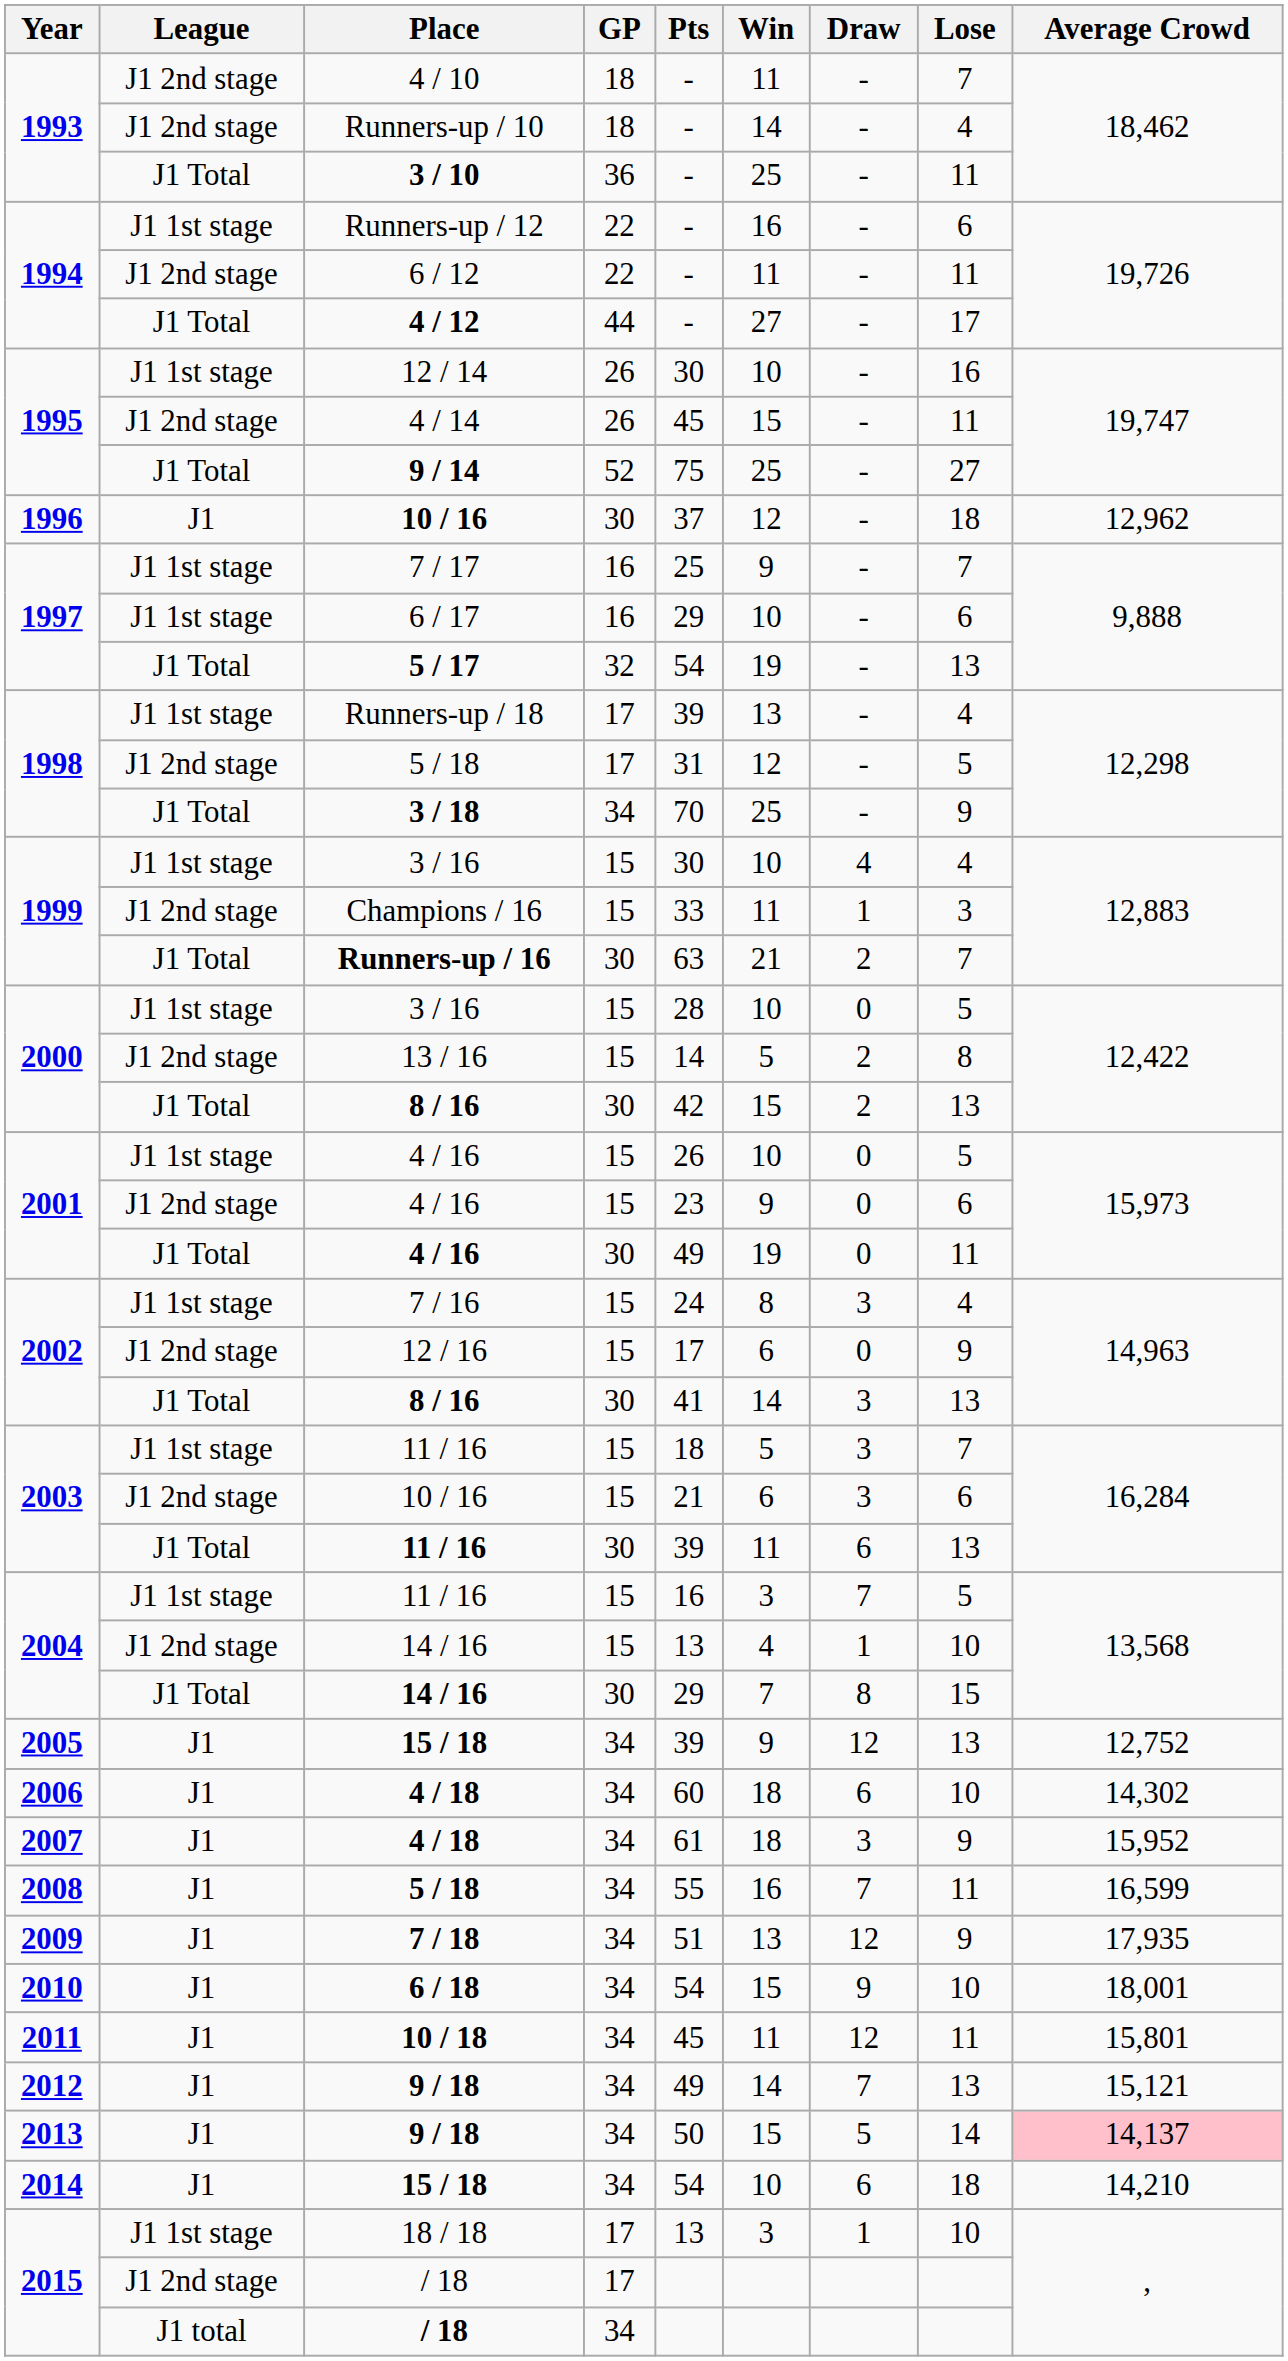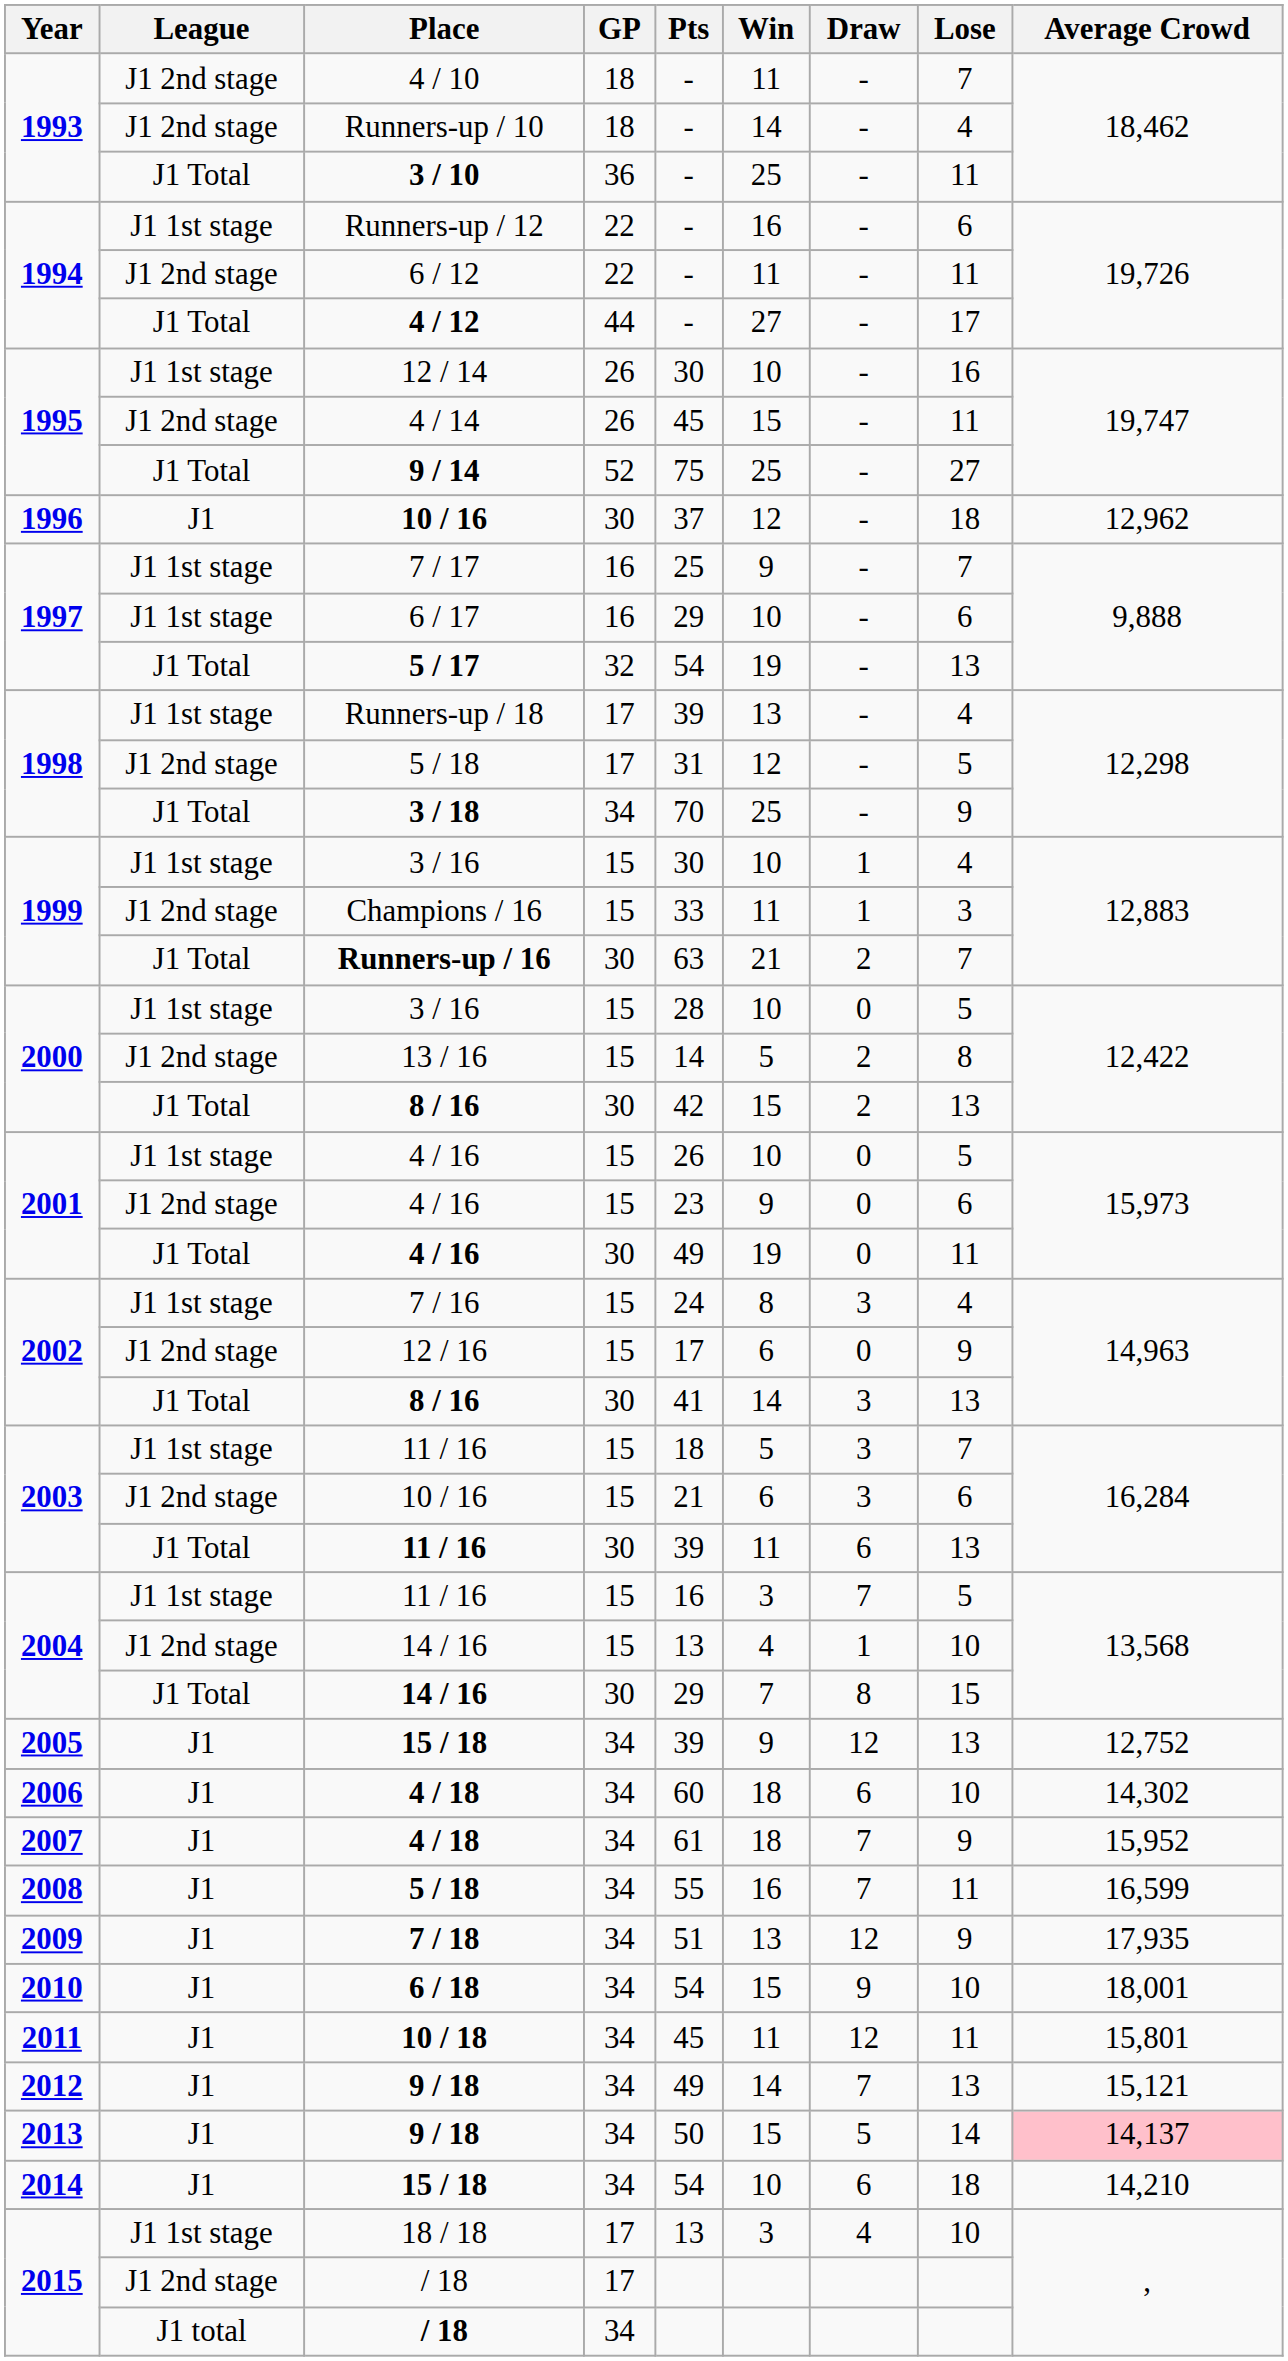 <table class="wikitable sortable" style="width:75%; align:center; text-align:center">
 <tr>
 <th>Year</th>
 <th>League</th>
 <th>Place</th>
 <th>GP</th>
 <th>Pts</th>
 <th>Win</th>
 <th>Draw</th>
 <th>Lose</th>
 <th>Average Crowd</th>
 </tr>
 <tr>
 <td rowspan="3"><strong><a href='#'>1993</a></strong></td>
 <td>J1 2nd stage</td>
 <td>4 / 10</td>
 <td>18</td>
 <td>-</td>
 <td>11</td>
 <td>-</td>
 <td>7</td>
 <td rowspan="3">18,462</td>
 </tr>
 <tr>
 <td>J1 2nd stage</td>
 <td>Runners-up / 10</td>
 <td>18</td>
 <td>-</td>
 <td>14</td>
 <td>-</td>
 <td>4</td>
 </tr>
 <tr>
 <td>J1 Total</td>
 <td><strong>3 / 10</strong></td>
 <td>36</td>
 <td>-</td>
 <td>25</td>
 <td>-</td>
 <td>11</td>
 </tr>
 <tr>
 <td rowspan="3"><strong><a href='#'>1994</a></strong></td>
 <td>J1 1st stage</td>
 <td>Runners-up / 12</td>
 <td>22</td>
 <td>-</td>
 <td>16</td>
 <td>-</td>
 <td>6</td>
 <td rowspan="3">19,726</td>
 </tr>
 <tr>
 <td>J1 2nd stage</td>
 <td>6 / 12</td>
 <td>22</td>
 <td>-</td>
 <td>11</td>
 <td>-</td>
 <td>11</td>
 </tr>
 <tr>
 <td>J1 Total</td>
 <td><strong>4 / 12</strong></td>
 <td>44</td>
 <td>-</td>
 <td>27</td>
 <td>-</td>
 <td>17</td>
 </tr>
 <tr>
 <td rowspan="3"><strong><a href='#'>1995</a></strong></td>
 <td>J1 1st stage</td>
 <td>12 / 14</td>
 <td>26</td>
 <td>30</td>
 <td>10</td>
 <td>-</td>
 <td>16</td>
 <td rowspan="3">19,747</td>
 </tr>
 <tr>
 <td>J1 2nd stage</td>
 <td>4 / 14</td>
 <td>26</td>
 <td>45</td>
 <td>15</td>
 <td>-</td>
 <td>11</td>
 </tr>
 <tr>
 <td>J1 Total</td>
 <td><strong>9 / 14</strong></td>
 <td>52</td>
 <td>75</td>
 <td>25</td>
 <td>-</td>
 <td>27</td>
 </tr>
 <tr>
 <td><strong><a href='#'>1996</a></strong></td>
 <td>J1</td>
 <td><strong>10 / 16</strong></td>
 <td>30</td>
 <td>37</td>
 <td>12</td>
 <td>-</td>
 <td>18</td>
 <td>12,962</td>
 </tr>
 <tr>
 <td rowspan="3"><strong><a href='#'>1997</a></strong></td>
 <td>J1 1st stage</td>
 <td>7 / 17</td>
 <td>16</td>
 <td>25</td>
 <td>9</td>
 <td>-</td>
 <td>7</td>
 <td rowspan="3">9,888</td>
 </tr>
 <tr>
 <td>J1 1st stage</td>
 <td>6 / 17</td>
 <td>16</td>
 <td>29</td>
 <td>10</td>
 <td>-</td>
 <td>6</td>
 </tr>
 <tr>
 <td>J1 Total</td>
 <td><strong>5 / 17</strong></td>
 <td>32</td>
 <td>54</td>
 <td>19</td>
 <td>-</td>
 <td>13</td>
 </tr>
 <tr>
 <td rowspan="3"><strong><a href='#'>1998</a></strong></td>
 <td>J1 1st stage</td>
 <td>Runners-up / 18</td>
 <td>17</td>
 <td>39</td>
 <td>13</td>
 <td>-</td>
 <td>4</td>
 <td rowspan="3">12,298</td>
 </tr>
 <tr>
 <td>J1 2nd stage</td>
 <td>5 / 18</td>
 <td>17</td>
 <td>31</td>
 <td>12</td>
 <td>-</td>
 <td>5</td>
 </tr>
 <tr>
 <td>J1 Total</td>
 <td><strong>3 / 18</strong></td>
 <td>34</td>
 <td>70</td>
 <td>25</td>
 <td>-</td>
 <td>9</td>
 </tr>
 <tr>
 <td rowspan="3"><strong><a href='#'>1999</a></strong></td>
 <td>J1 1st stage</td>
 <td>3 / 16</td>
 <td>15</td>
 <td>30</td>
 <td>10</td>
-<td>4</td>
+<td>1</td>
 <td>4</td>
 <td rowspan="3">12,883</td>
 </tr>
 <tr>
 <td>J1 2nd stage</td>
 <td>Champions / 16</td>
 <td>15</td>
 <td>33</td>
 <td>11</td>
 <td>1</td>
 <td>3</td>
 </tr>
 <tr>
 <td>J1 Total</td>
 <td><strong>Runners-up / 16</strong></td>
 <td>30</td>
 <td>63</td>
 <td>21</td>
 <td>2</td>
 <td>7</td>
 </tr>
 <tr>
 <td rowspan="3"><strong><a href='#'>2000</a></strong></td>
 <td>J1 1st stage</td>
 <td>3 / 16</td>
 <td>15</td>
 <td>28</td>
 <td>10</td>
 <td>0</td>
 <td>5</td>
 <td rowspan="3">12,422</td>
 </tr>
 <tr>
 <td>J1 2nd stage</td>
 <td>13 / 16</td>
 <td>15</td>
 <td>14</td>
 <td>5</td>
 <td>2</td>
 <td>8</td>
 </tr>
 <tr>
 <td>J1 Total</td>
 <td><strong>8 / 16</strong></td>
 <td>30</td>
 <td>42</td>
 <td>15</td>
 <td>2</td>
 <td>13</td>
 </tr>
 <tr>
 <td rowspan="3"><strong><a href='#'>2001</a></strong></td>
 <td>J1 1st stage</td>
 <td>4 / 16</td>
 <td>15</td>
 <td>26</td>
 <td>10</td>
 <td>0</td>
 <td>5</td>
 <td rowspan="3">15,973</td>
 </tr>
 <tr>
 <td>J1 2nd stage</td>
 <td>4 / 16</td>
 <td>15</td>
 <td>23</td>
 <td>9</td>
 <td>0</td>
 <td>6</td>
 </tr>
 <tr>
 <td>J1 Total</td>
 <td><strong>4 / 16</strong></td>
 <td>30</td>
 <td>49</td>
 <td>19</td>
 <td>0</td>
 <td>11</td>
 </tr>
 <tr>
 <td rowspan="3"><strong><a href='#'>2002</a></strong></td>
 <td>J1 1st stage</td>
 <td>7 / 16</td>
 <td>15</td>
 <td>24</td>
 <td>8</td>
 <td>3</td>
 <td>4</td>
 <td rowspan="3">14,963</td>
 </tr>
 <tr>
 <td>J1 2nd stage</td>
 <td>12 / 16</td>
 <td>15</td>
 <td>17</td>
 <td>6</td>
 <td>0</td>
 <td>9</td>
 </tr>
 <tr>
 <td>J1 Total</td>
 <td><strong>8 / 16</strong></td>
 <td>30</td>
 <td>41</td>
 <td>14</td>
 <td>3</td>
 <td>13</td>
 </tr>
 <tr>
 <td rowspan="3"><strong><a href='#'>2003</a></strong></td>
 <td>J1 1st stage</td>
 <td>11 / 16</td>
 <td>15</td>
 <td>18</td>
 <td>5</td>
 <td>3</td>
 <td>7</td>
 <td rowspan="3">16,284</td>
 </tr>
 <tr>
 <td>J1 2nd stage</td>
 <td>10 / 16</td>
 <td>15</td>
 <td>21</td>
 <td>6</td>
 <td>3</td>
 <td>6</td>
 </tr>
 <tr>
 <td>J1 Total</td>
 <td><strong>11 / 16</strong></td>
 <td>30</td>
 <td>39</td>
 <td>11</td>
 <td>6</td>
 <td>13</td>
 </tr>
 <tr>
 <td rowspan="3"><strong><a href='#'>2004</a></strong></td>
 <td>J1 1st stage</td>
 <td>11 / 16</td>
 <td>15</td>
 <td>16</td>
 <td>3</td>
 <td>7</td>
 <td>5</td>
 <td rowspan="3">13,568</td>
 </tr>
 <tr>
 <td>J1 2nd stage</td>
 <td>14 / 16</td>
 <td>15</td>
 <td>13</td>
 <td>4</td>
 <td>1</td>
 <td>10</td>
 </tr>
 <tr>
 <td>J1 Total</td>
 <td><strong>14 / 16</strong></td>
 <td>30</td>
 <td>29</td>
 <td>7</td>
 <td>8</td>
 <td>15</td>
 </tr>
 <tr>
 <td><strong><a href='#'>2005</a></strong></td>
 <td>J1</td>
 <td><strong>15 / 18</strong></td>
 <td>34</td>
 <td>39</td>
 <td>9</td>
 <td>12</td>
 <td>13</td>
 <td>12,752</td>
 </tr>
 <tr>
 <td><strong><a href='#'>2006</a></strong></td>
 <td>J1</td>
 <td><strong>4 / 18</strong></td>
 <td>34</td>
 <td>60</td>
 <td>18</td>
 <td>6</td>
 <td>10</td>
 <td>14,302</td>
 </tr>
 <tr>
 <td><strong><a href='#'>2007</a></strong></td>
 <td>J1</td>
 <td><strong>4 / 18</strong></td>
 <td>34</td>
 <td>61</td>
 <td>18</td>
-<td>3</td>
+<td>7</td>
 <td>9</td>
 <td>15,952</td>
 </tr>
 <tr>
 <td><strong><a href='#'>2008</a></strong></td>
 <td>J1</td>
 <td><strong>5 / 18</strong></td>
 <td>34</td>
 <td>55</td>
 <td>16</td>
 <td>7</td>
 <td>11</td>
 <td>16,599</td>
 </tr>
 <tr>
 <td><strong><a href='#'>2009</a></strong></td>
 <td>J1</td>
 <td><strong>7 / 18</strong></td>
 <td>34</td>
 <td>51</td>
 <td>13</td>
 <td>12</td>
 <td>9</td>
 <td>17,935</td>
 </tr>
 <tr>
 <td><strong><a href='#'>2010</a></strong></td>
 <td>J1</td>
 <td><strong>6 / 18</strong></td>
 <td>34</td>
 <td>54</td>
 <td>15</td>
 <td>9</td>
 <td>10</td>
 <td>18,001</td>
 </tr>
 <tr>
 <td><strong><a href='#'>2011</a></strong></td>
 <td>J1</td>
 <td><strong>10 / 18</strong></td>
 <td>34</td>
 <td>45</td>
 <td>11</td>
 <td>12</td>
 <td>11</td>
 <td>15,801</td>
 </tr>
 <tr>
 <td><strong><a href='#'>2012</a></strong></td>
 <td>J1</td>
 <td><strong>9 / 18</strong></td>
 <td>34</td>
 <td>49</td>
 <td>14</td>
 <td>7</td>
 <td>13</td>
 <td>15,121</td>
 </tr>
 <tr>
 <td><strong><a href='#'>2013</a></strong></td>
 <td>J1</td>
 <td><strong>9 / 18</strong></td>
 <td>34</td>
 <td>50</td>
 <td>15</td>
 <td>5</td>
 <td>14</td>
 <td style="background: pink;">14,137</td>
 </tr>
 <tr>
 <td><strong><a href='#'>2014</a></strong></td>
 <td>J1</td>
 <td><strong>15 / 18</strong></td>
 <td>34</td>
 <td>54</td>
 <td>10</td>
 <td>6</td>
 <td>18</td>
 <td>14,210</td>
 </tr>
 <tr>
 <td rowspan="3"><strong><a href='#'>2015</a></strong></td>
 <td>J1 1st stage</td>
 <td>18 / 18</td>
 <td>17</td>
 <td>13</td>
 <td>3</td>
-<td>1</td>
+<td>4</td>
 <td>10</td>
 <td rowspan="3">,</td>
 </tr>
 <tr>
 <td>J1 2nd stage</td>
 <td>/ 18</td>
 <td>17</td>
 <td></td>
 <td></td>
 <td></td>
 <td></td>
 </tr>
 <tr>
 <td>J1 total</td>
 <td><strong> / 18</strong></td>
 <td>34</td>
 <td></td>
 <td></td>
 <td></td>
 <td></td>
 </tr>
 </table>
